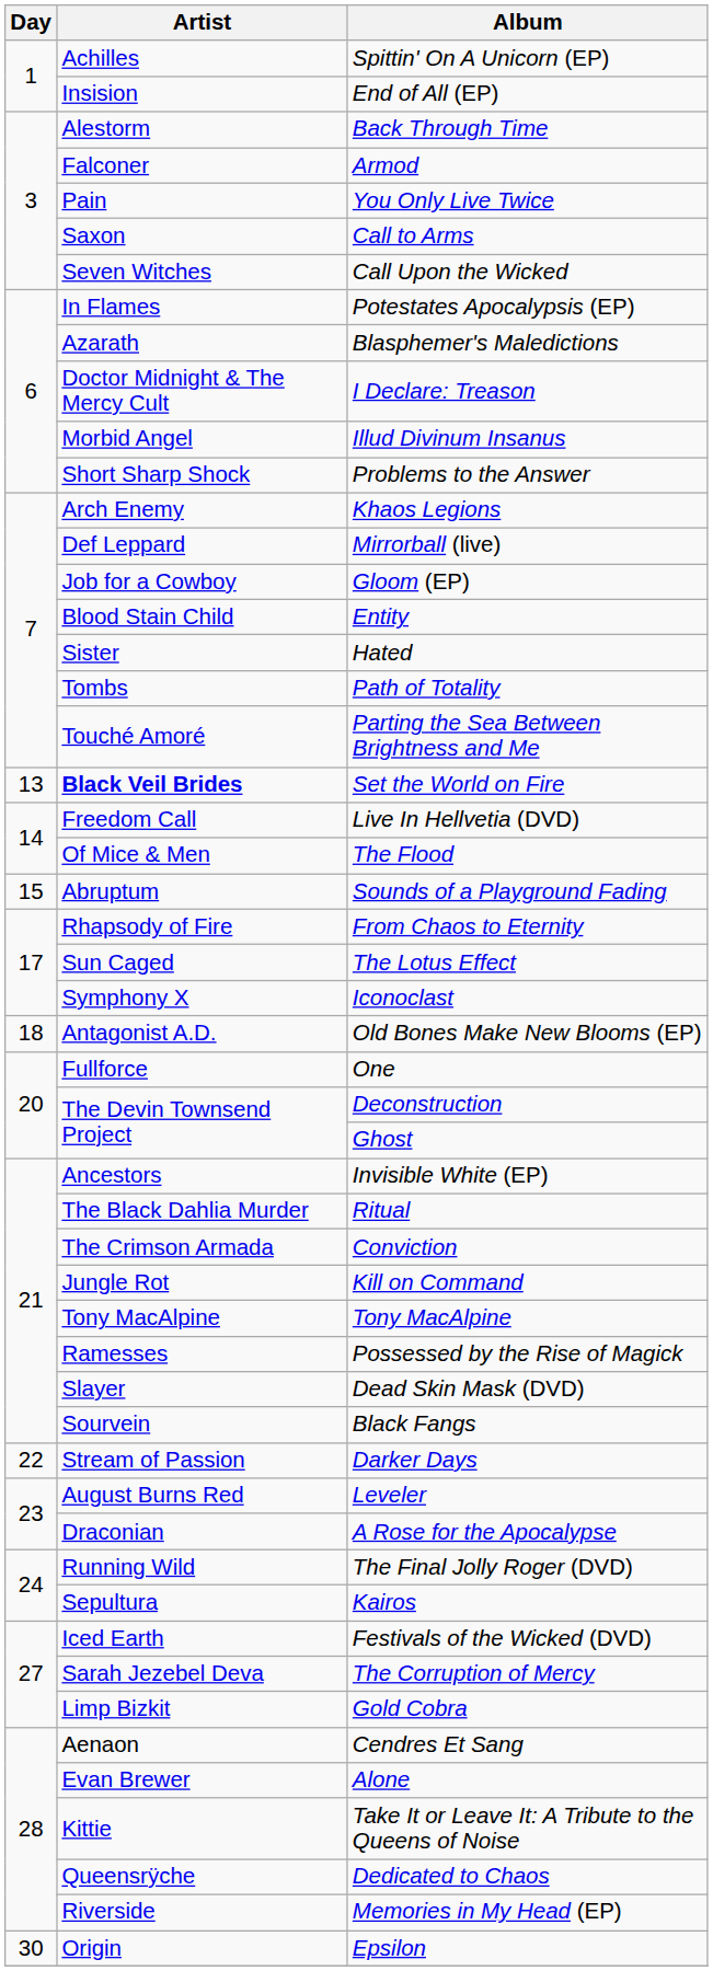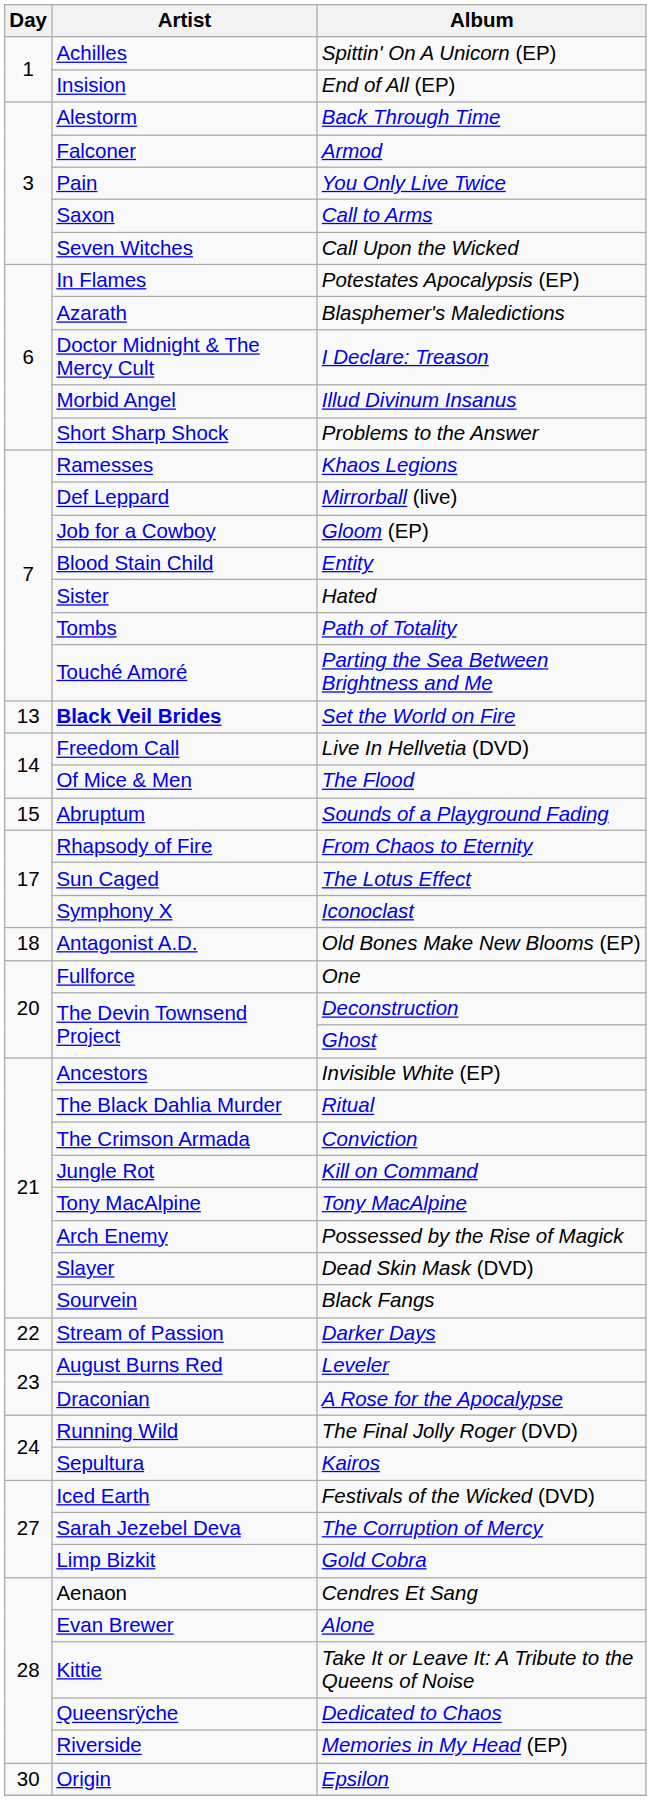 <table class="wikitable" border="1">
 <tr>
 <th width="20">Day</th>
 <th width="200">Artist</th>
 <th width="250">Album</th>
 </tr>
 <tr>
 <td align="center" rowspan="2">1</td>
 <td><a href='#'>Achilles</a></td>
 <td><em>Spittin' On A Unicorn</em> (EP)</td>
 </tr>
 <tr>
 <td><a href='#'>Insision</a></td>
 <td><em>End of All</em> (EP)</td>
 </tr>
 <tr>
 <td align="center" rowspan="5">3</td>
 <td><a href='#'>Alestorm</a></td>
 <td><em><a href='#'>Back Through Time</a></em></td>
 </tr>
 <tr>
 <td><a href='#'>Falconer</a></td>
 <td><em><a href='#'>Armod</a></em></td>
 </tr>
 <tr>
 <td><a href='#'>Pain</a></td>
 <td><em><a href='#'>You Only Live Twice</a></em></td>
 </tr>
 <tr>
 <td><a href='#'>Saxon</a></td>
 <td><em><a href='#'>Call to Arms</a></em></td>
 </tr>
 <tr>
 <td><a href='#'>Seven Witches</a></td>
 <td><em>Call Upon the Wicked</em></td>
 </tr>
 <tr>
 <td align="center" rowspan="5">6</td>
 <td><a href='#'>In Flames</a></td>
 <td><em>Potestates Apocalypsis</em> (EP)</td>
 </tr>
 <tr>
 <td><a href='#'>Azarath</a></td>
 <td><em>Blasphemer's Maledictions</em></td>
 </tr>
 <tr>
 <td><a href='#'>Doctor Midnight & The Mercy Cult</a></td>
 <td><em><a href='#'>I Declare: Treason</a></em></td>
 </tr>
 <tr>
 <td><a href='#'>Morbid Angel</a></td>
 <td><em><a href='#'>Illud Divinum Insanus</a></em></td>
 </tr>
 <tr>
 <td><a href='#'>Short Sharp Shock</a></td>
 <td><em>Problems to the Answer</em></td>
 </tr>
 <tr>
 <td rowspan="7" align="center">7</td>
-<td><a href='#'>Arch Enemy</a></td>
+<td><a href='#'>Ramesses</a></td>
 <td><em><a href='#'>Khaos Legions</a></em></td>
 </tr>
 <tr>
 <td><a href='#'>Def Leppard</a></td>
 <td><em><a href='#'>Mirrorball</a></em> (live)</td>
 </tr>
 <tr>
 <td><a href='#'>Job for a Cowboy</a></td>
 <td><em><a href='#'>Gloom</a></em> (EP)</td>
 </tr>
 <tr>
 <td><a href='#'>Blood Stain Child</a></td>
 <td><em><a href='#'>Entity</a></em></td>
 </tr>
 <tr>
 <td><a href='#'>Sister</a></td>
 <td><em>Hated</em></td>
 </tr>
 <tr>
 <td><a href='#'>Tombs</a></td>
 <td><em><a href='#'>Path of Totality</a></em></td>
 </tr>
 <tr>
 <td><a href='#'>Touché Amoré</a></td>
 <td><em><a href='#'>Parting the Sea Between Brightness and Me</a></em></td>
 </tr>
 <tr>
 <td align="center" rowspan="1">13</td>
 <td><strong><a href='#'>Black Veil Brides</a></strong></td>
 <td><em><a href='#'>Set the World on Fire</a></em></td>
 </tr>
 <tr>
 <td align="center" rowspan="2">14</td>
 <td><a href='#'>Freedom Call</a></td>
 <td><em>Live In Hellvetia</em> (DVD)</td>
 </tr>
 <tr>
 <td><a href='#'>Of Mice & Men</a></td>
 <td><em><a href='#'>The Flood</a></em></td>
 </tr>
 <tr>
 <td align="center" rowspan="1">15</td>
 <td><a href='#'>Abruptum</a></td>
 <td><em><a href='#'>Sounds of a Playground Fading</a></em></td>
 </tr>
 <tr>
 <td align="center" rowspan="3">17</td>
 <td><a href='#'>Rhapsody of Fire</a></td>
 <td><em><a href='#'>From Chaos to Eternity</a></em></td>
 </tr>
 <tr>
 <td><a href='#'>Sun Caged</a></td>
 <td><em><a href='#'>The Lotus Effect</a></em></td>
 </tr>
 <tr>
 <td><a href='#'>Symphony X</a></td>
 <td><em><a href='#'>Iconoclast</a></em></td>
 </tr>
 <tr>
 <td align="center" rowspan="1">18</td>
 <td><a href='#'>Antagonist A.D.</a></td>
 <td><em>Old Bones Make New Blooms</em> (EP)</td>
 </tr>
 <tr>
 <td align="center" rowspan="3">20</td>
 <td><a href='#'>Fullforce</a></td>
 <td><em>One</em></td>
 </tr>
 <tr>
 <td rowspan="2"><a href='#'>The Devin Townsend Project</a></td>
 <td><em><a href='#'>Deconstruction</a></em></td>
 </tr>
 <tr>
 <td><em><a href='#'>Ghost</a></em></td>
 </tr>
 <tr>
 <td align="center" rowspan="8">21</td>
 <td><a href='#'>Ancestors</a></td>
 <td><em>Invisible White</em> (EP)</td>
 </tr>
 <tr>
 <td><a href='#'>The Black Dahlia Murder</a></td>
 <td><em><a href='#'>Ritual</a></em></td>
 </tr>
 <tr>
 <td><a href='#'>The Crimson Armada</a></td>
 <td><em><a href='#'>Conviction</a></em></td>
 </tr>
 <tr>
 <td><a href='#'>Jungle Rot</a></td>
 <td><em><a href='#'>Kill on Command</a></em></td>
 </tr>
 <tr>
 <td><a href='#'>Tony MacAlpine</a></td>
 <td><em><a href='#'>Tony MacAlpine</a></em></td>
 </tr>
 <tr>
-<td><a href='#'>Ramesses</a></td>
+<td><a href='#'>Arch Enemy</a></td>
 <td><em>Possessed by the Rise of Magick</em></td>
 </tr>
 <tr>
 <td><a href='#'>Slayer</a></td>
 <td><em>Dead Skin Mask</em> (DVD)</td>
 </tr>
 <tr>
 <td><a href='#'>Sourvein</a></td>
 <td><em>Black Fangs</em></td>
 </tr>
 <tr>
 <td align="center" rowspan="1">22</td>
 <td><a href='#'>Stream of Passion</a></td>
 <td><em><a href='#'>Darker Days</a></em></td>
 </tr>
 <tr>
 <td align="center" rowspan="2">23</td>
 <td><a href='#'>August Burns Red</a></td>
 <td><em><a href='#'>Leveler</a></em></td>
 </tr>
 <tr>
 <td><a href='#'>Draconian</a></td>
 <td><em><a href='#'>A Rose for the Apocalypse</a></em></td>
 </tr>
 <tr>
 <td align="center" rowspan="2">24</td>
 <td><a href='#'>Running Wild</a></td>
 <td><em>The Final Jolly Roger</em> (DVD)</td>
 </tr>
 <tr>
 <td><a href='#'>Sepultura</a></td>
 <td><em><a href='#'>Kairos</a></em></td>
 </tr>
 <tr>
 <td align="center" rowspan="3">27</td>
 <td><a href='#'>Iced Earth</a></td>
 <td><em>Festivals of the Wicked</em> (DVD)</td>
 </tr>
 <tr>
 <td><a href='#'>Sarah Jezebel Deva</a></td>
 <td><em><a href='#'>The Corruption of Mercy</a></em></td>
 </tr>
 <tr>
 <td><a href='#'>Limp Bizkit</a></td>
 <td><em><a href='#'>Gold Cobra</a></em></td>
 </tr>
 <tr>
 <td align="center" rowspan="5">28</td>
 <td>Aenaon</td>
 <td><em>Cendres Et Sang</em></td>
 </tr>
 <tr>
 <td><a href='#'>Evan Brewer</a></td>
 <td><em><a href='#'>Alone</a></em></td>
 </tr>
 <tr>
 <td><a href='#'>Kittie</a></td>
 <td><em>Take It or Leave It: A Tribute to the Queens of Noise</em></td>
 </tr>
 <tr>
 <td><a href='#'>Queensrÿche</a></td>
 <td><em><a href='#'>Dedicated to Chaos</a></em></td>
 </tr>
 <tr>
 <td><a href='#'>Riverside</a></td>
 <td><em><a href='#'>Memories in My Head</a></em> (EP)</td>
 </tr>
 <tr>
 <td align="center" rowspan="1">30</td>
 <td><a href='#'>Origin</a></td>
 <td><em><a href='#'>Εpsilon</a></em></td>
 </tr>
 <tr>
 </tr>
 </table>
